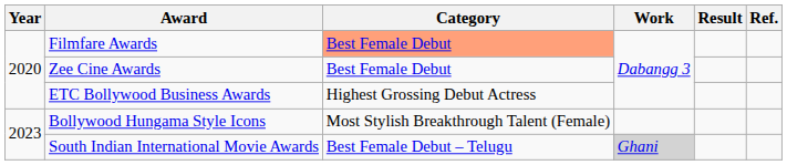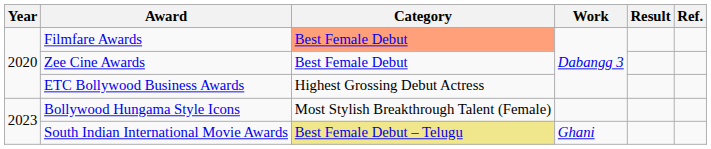 <table class="wikitable">
 <tr>
 <th>Year</th>
 <th>Award</th>
 <th>Category</th>
 <th>Work</th>
 <th>Result</th>
 <th>Ref.</th>
 </tr>
 <tr>
 <td rowspan="3">2020</td>
 <td><a href='#'>Filmfare Awards</a></td>
 <td style="background: lightsalmon;"><a href='#'>Best Female Debut</a></td>
 <td rowspan="3"><em><a href='#'>Dabangg 3</a></em></td>
 <td></td>
 <td></td>
 </tr>
 <tr>
 <td><a href='#'>Zee Cine Awards</a></td>
 <td><a href='#'>Best Female Debut</a></td>
 <td></td>
 <td></td>
 </tr>
 <tr>
 <td><a href='#'>ETC Bollywood Business Awards</a></td>
 <td>Highest Grossing Debut Actress</td>
 <td></td>
 <td></td>
 </tr>
 <tr>
 <td rowspan="2">2023</td>
 <td><a href='#'>Bollywood Hungama Style Icons</a></td>
 <td>Most Stylish Breakthrough Talent (Female)</td>
 <td></td>
 <td></td>
 <td></td>
 </tr>
 <tr>
 <td><a href='#'>South Indian International Movie Awards</a></td>
-<td><a href='#'>Best Female Debut – Telugu</a></td>
-<td style="background: lightgrey;"><em><a href='#'>Ghani</a></em></td>
+<td style="background: khaki;"><a href='#'>Best Female Debut – Telugu</a></td>
+<td><em><a href='#'>Ghani</a></em></td>
 <td></td>
 <td></td>
 </tr>
 </table>
